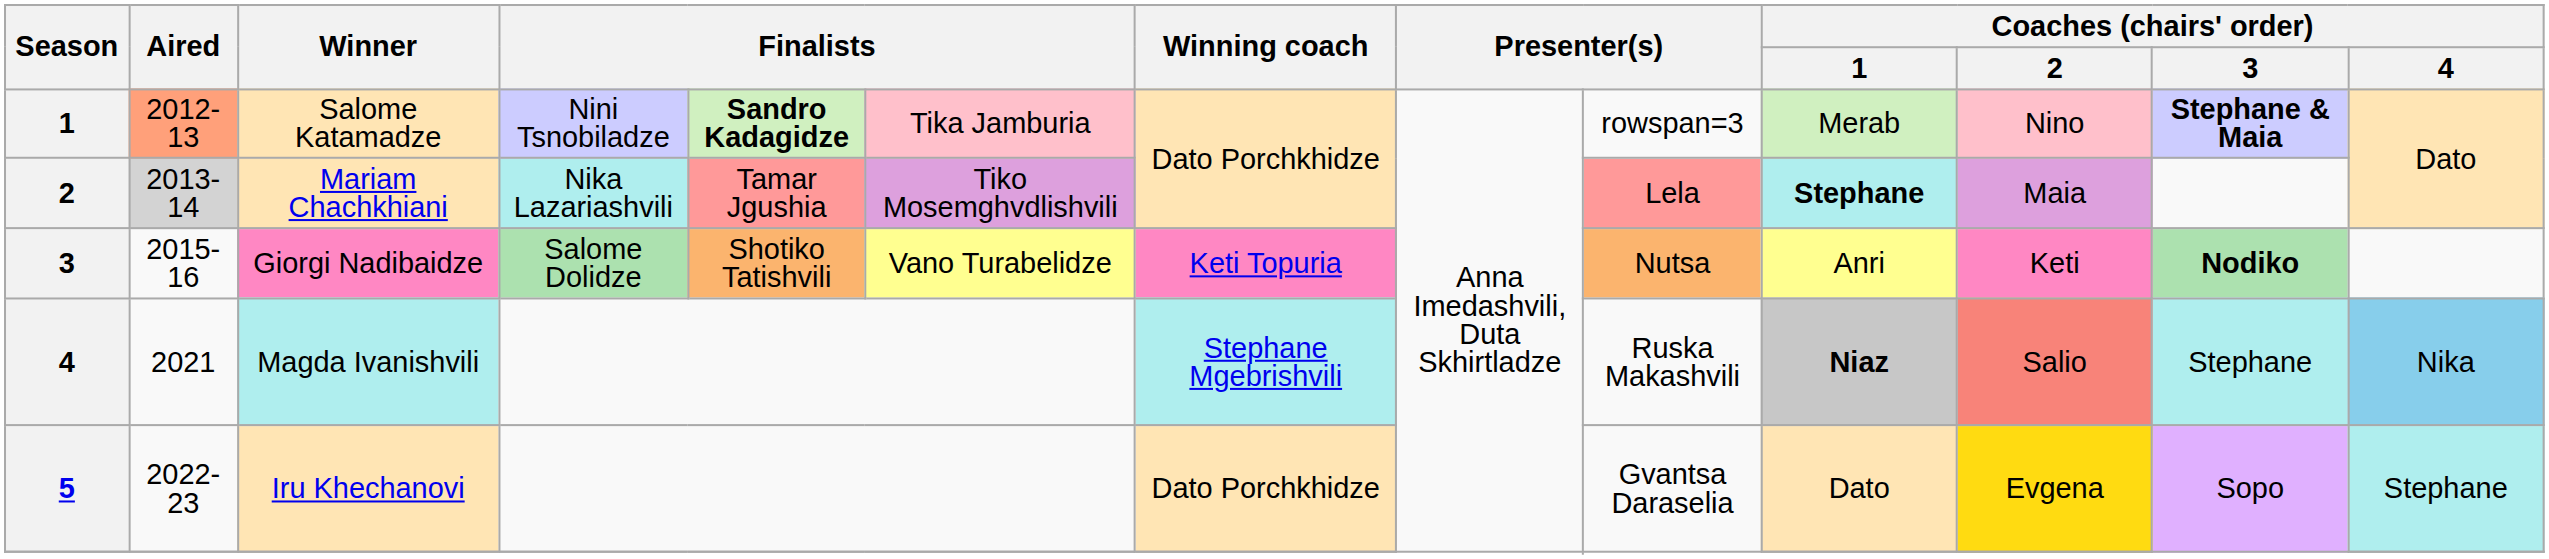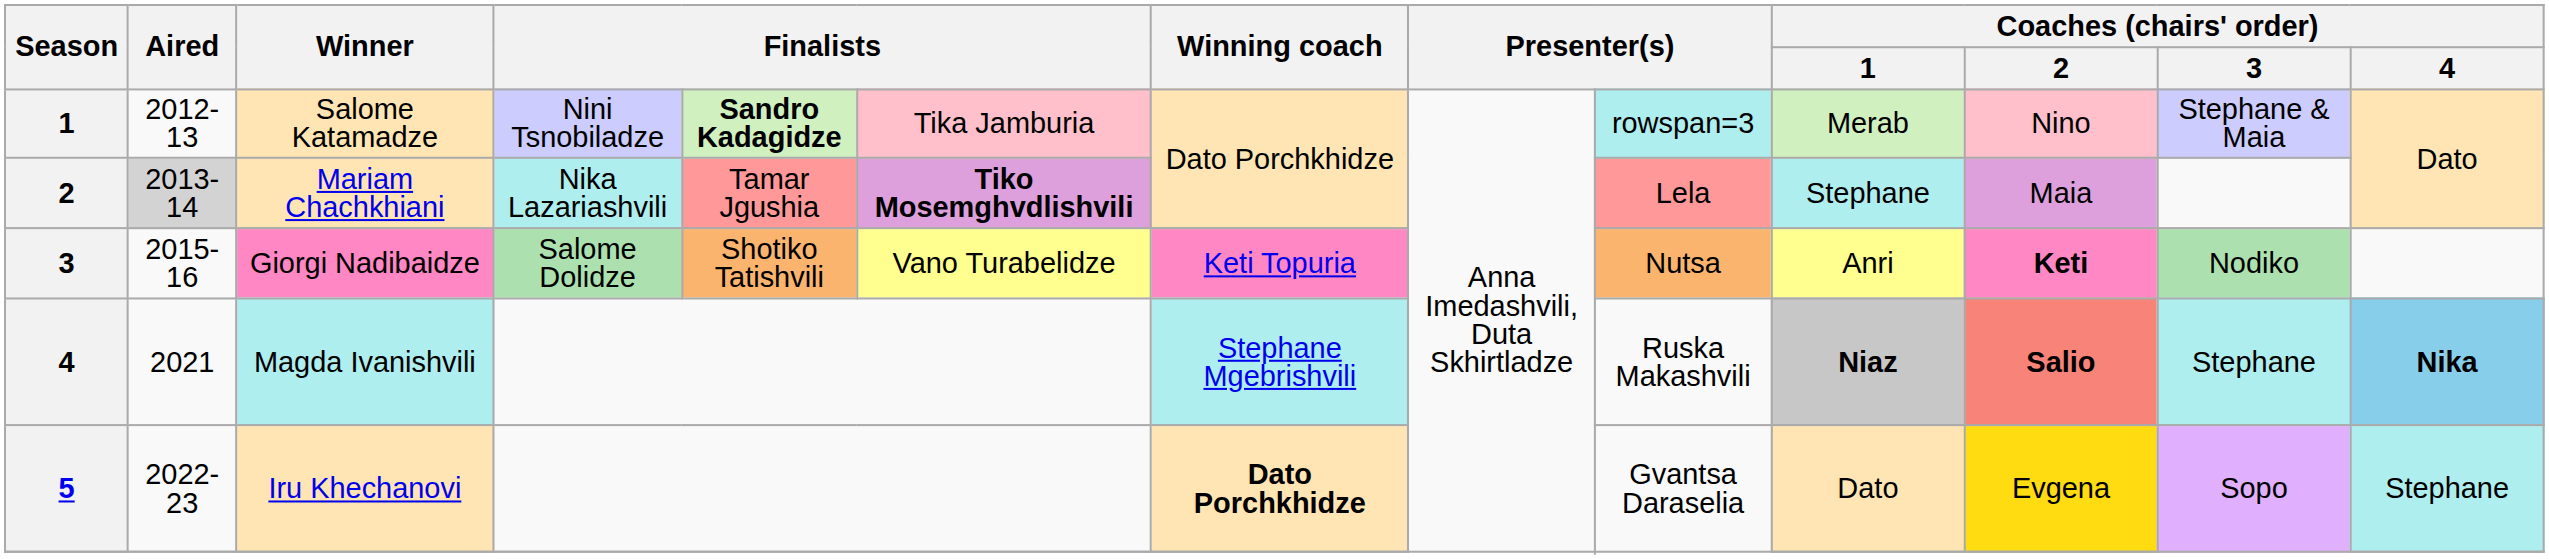 <table class="wikitable" style="text-align:center; font-size:90%; line-height:14px; width:100%">
 <tr>
 <th width="1%" rowspan="2" scope="col">Season</th>
 <th width="3%" rowspan="2" scope="col">Aired</th>
 <th width="8%" rowspan="2" scope="col">Winner</th>
 <th width="8%" colspan="3" rowspan="2" scope="col">Finalists</th>
 <th width="8%" colspan="1" rowspan="2" scope="col">Winning coach</th>
 <th width="6%" colspan="2" rowspan="2" scope="col">Presenter(s)</th>
 <th width="0%" scope="row" colspan="4">Coaches (chairs' order)</th>
 </tr>
 <tr>
 <th width="6%">1</th>
 <th width="6%">2</th>
 <th width="6%">3</th>
 <th width="6%">4</th>
 </tr>
 <tr>
 <th>1</th>
-<td style="background: lightsalmon;">2012-13</td>
+<td>2012-13</td>
 <td style="background:#ffe5b4">Salome Katamadze</td>
 <td style="background:#ccccff">Nini Tsnobiladze</td>
 <td style="background:#d0f0c0"><strong>Sandro Kadagidze</strong></td>
 <td style="background: pink">Tika Jamburia</td>
 <td style="background:#ffe5b4" rowspan="2">Dato Porchkhidze</td>
 <td rowspan="9">Anna Imedashvili,<br>Duta Skhirtladze</td>
-<td>rowspan=3 </td>
+<td style="background: paleturquoise;">rowspan=3 </td>
 <td rowspan="1" style="background:#d0f0c0">Merab</td>
 <td rowspan="1" style="background: pink">Nino</td>
-<td rowspan="1" style="background:#ccccff"><strong>Stephane & Maia</strong></td>
+<td rowspan="1" style="background:#ccccff">Stephane & Maia</td>
 <td rowspan="2" style="background:#ffe5b4">Dato</td>
 </tr>
 <tr>
 <th>2</th>
 <td style="background: lightgrey;">2013-14</td>
 <td rowspan="1" style="background:#ffe5b4"><a href='#'>Mariam Chachkhiani</a></td>
 <td style="background:#afeeee">Nika Lazariashvili</td>
 <td style="background:#ff9999">Tamar Jgushia</td>
-<td style="background:#dda0dd">Tiko Mosemghvdlishvili</td>
+<td style="background:#dda0dd"><strong>Tiko Mosemghvdlishvili</strong></td>
 <td rowspan="1" style="background:#ff9999">Lela</td>
-<td rowspan="1" style="background:#afeeee"><strong>Stephane</strong></td>
+<td rowspan="1" style="background:#afeeee">Stephane</td>
 <td rowspan="1" style="background:#dda0dd">Maia</td>
 </tr>
 <tr>
 <th>3</th>
 <td>2015-16</td>
 <td rowspan="1" style="background:#FF87C3">Giorgi Nadibaidze</td>
 <td style="background:#ace1af">Salome Dolidze</td>
 <td style="background:#fbb46e">Shotiko Tatishvili</td>
 <td style="background:#ffff90">Vano Turabelidze</td>
 <td rowspan="1" style="background:#FF87C3"><a href='#'>Keti Topuria</a></td>
 <td rowspan="1" style="background:#fbb46e">Nutsa</td>
 <td rowspan="1" style="background:#ffff90">Anri</td>
-<td rowspan="1" style="background:#FF87C3">Keti</td>
-<td rowspan="1" style="background:#ace1af"><strong>Nodiko</strong></td>
+<td rowspan="1" style="background:#FF87C3"><strong>Keti</strong></td>
+<td rowspan="1" style="background:#ace1af">Nodiko</td>
 </tr>
 <tr style="height: 4.4em">
 <th scope="row">4</th>
 <td>2021</td>
 <td style="background:#afeeee">Magda Ivanishvili</td>
 <td colspan="3"></td>
 <td style="background:#afeeee"><a href='#'>Stephane Mgebrishvili</a></td>
 <td>Ruska Makashvili</td>
 <td style="background:#c7c7c7"><strong>Niaz</strong></td>
-<td style="background:#f88379">Salio</td>
+<td style="background:#f88379"><strong>Salio</strong></td>
 <td style="background:#afeeee">Stephane</td>
-<td style="background:#87ceeb">Nika</td>
+<td style="background:#87ceeb"><strong>Nika</strong></td>
 </tr>
 <tr style="height: 4.4em">
 <th><a href='#'>5</a></th>
 <td>2022-23</td>
 <td style="background:#ffe5b4"><a href='#'>Iru Khechanovi</a></td>
 <td colspan="3"></td>
-<td style="background:#ffe5b4">Dato Porchkhidze</td>
+<td style="background:#ffe5b4"><strong>Dato Porchkhidze</strong></td>
 <td rowspan="2">Gvantsa Daraselia</td>
 <td style="background:#ffe5b4">Dato</td>
 <td style="background:#ffdb11">Evgena</td>
 <td style="background:#E0B0FF" rowspan="2">Sopo</td>
 <td style="background:#afeeee">Stephane</td>
 </tr>
 <tr>
 </tr>
 </table>
